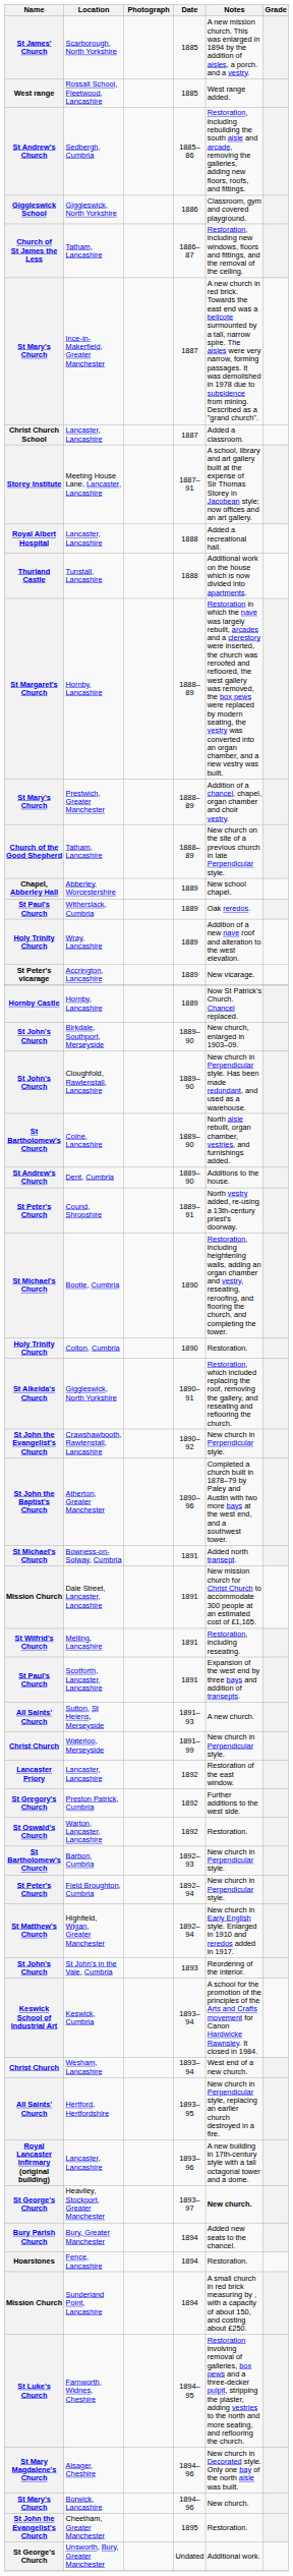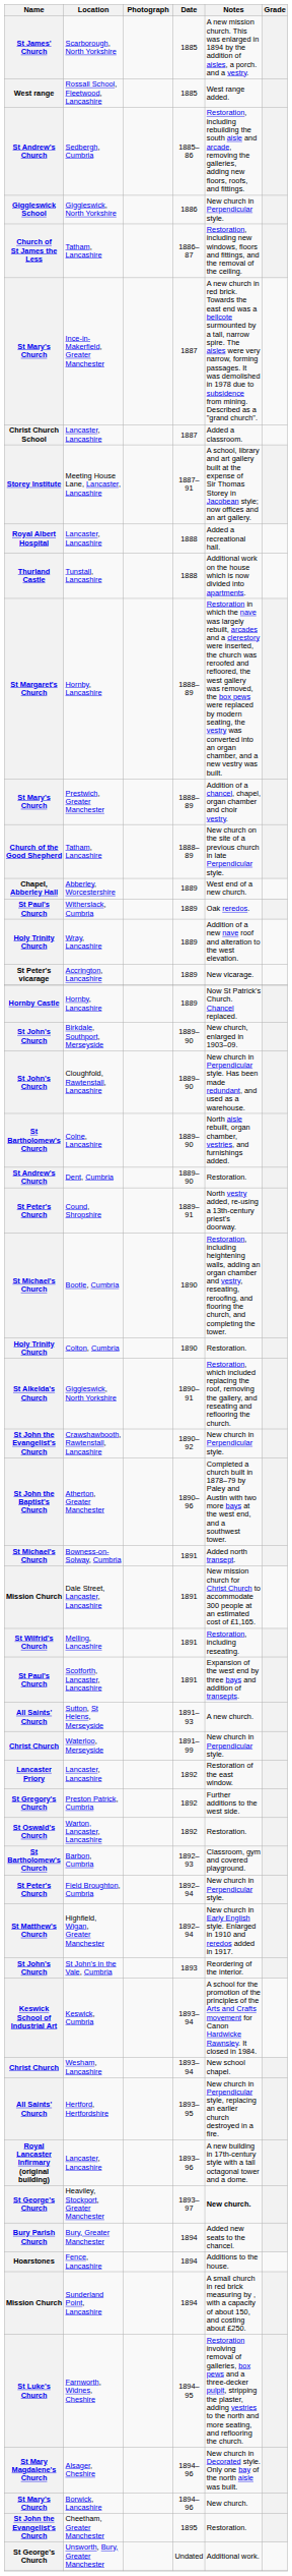 <table class="wikitable sortable plainrowheaders">
 <tr>
 <th scope="col" style="width:120px">Name</th>
 <th scope="col" style="width:120px">Location</th>
 <th scope="col" style="width:100px" class="unsortable">Photograph</th>
 <th scope="col" style="width:50px">Date</th>
 <th scope="col" class="unsortable">Notes</th>
 <th scope="col" style="width:24px">Grade</th>
 </tr>
 <tr>
 <th scope="row"><a href='#'>St James' Church</a></th>
 <td><a href='#'>Scarborough</a>,<br><a href='#'>North Yorkshire</a><br><small></small></td>
 <td></td>
 <td align="center">1885</td>
 <td>A new mission church.  This was enlarged in 1894 by the addition of <a href='#'>aisles</a>, a porch. and a <a href='#'>vestry</a>.</td>
 <th></th>
 </tr>
 <tr>
 <th scope="row">West range</th>
 <td><a href='#'>Rossall School</a>, <a href='#'>Fleetwood</a>, <a href='#'>Lancashire</a><br><small></small></td>
 <td></td>
 <td align="center">1885</td>
 <td>West range added.</td>
 <th></th>
 </tr>
 <tr>
 <th scope="row"><a href='#'>St Andrew's Church</a></th>
 <td><a href='#'>Sedbergh</a>, <a href='#'>Cumbria</a><br><small></small></td>
 <td></td>
 <td align="center">1885–86</td>
 <td><a href='#'>Restoration</a>, including rebuilding the south <a href='#'>aisle</a> and <a href='#'>arcade</a>, removing the galleries, adding new floors, roofs, and fittings.</td>
 <th></th>
 </tr>
 <tr>
 <th scope="row"><a href='#'>Giggleswick School</a></th>
 <td><a href='#'>Giggleswick</a>, <a href='#'>North Yorkshire</a><br><small></small></td>
 <td></td>
 <td align="center">1886</td>
-<td>Classroom, gym and covered playground.</td>
+<td>New church in <a href='#'>Perpendicular</a> style.</td>
 <th></th>
 </tr>
 <tr>
 <th scope="row"><a href='#'>Church of St James the Less</a></th>
 <td><a href='#'>Tatham</a>, <a href='#'>Lancashire</a><br><small></small></td>
 <td></td>
 <td align="center">1886–87</td>
 <td><a href='#'>Restoration</a>, including new windows, floors and fittings, and the removal of the ceiling.</td>
 <th></th>
 </tr>
 <tr>
 <th scope="row"><a href='#'>St Mary's Church</a></th>
 <td><a href='#'>Ince-in-Makerfield</a>, <a href='#'>Greater Manchester</a></td>
 <td></td>
 <td align="center">1887</td>
 <td>A new church in red brick.  Towards the east end was a <a href='#'>bellcote</a> surmounted by a tall, narrow spire.  The <a href='#'>aisles</a> were very narrow, forming passages.  It was demolished in 1978 due to <a href='#'>subsidence</a> from mining.  Described as a "grand church".</td>
 <td></td>
 </tr>
 <tr>
 <th scope="row">Christ Church School</th>
 <td><a href='#'>Lancaster</a>, <a href='#'>Lancashire</a></td>
 <td></td>
 <td align="center">1887</td>
 <td>Added a classroom.</td>
 <td></td>
 </tr>
 <tr>
 <th scope="row"><a href='#'>Storey Institute</a></th>
 <td>Meeting House Lane, <a href='#'>Lancaster</a>, <a href='#'>Lancashire</a><br><small></small></td>
 <td></td>
 <td align="center">1887–91</td>
 <td>A school, library and art gallery built at the expense of Sir Thomas Storey in <a href='#'>Jacobean</a> style; now offices and an art gallery.</td>
 <th></th>
 </tr>
 <tr>
 <th scope="row"><a href='#'>Royal Albert Hospital</a></th>
 <td><a href='#'>Lancaster</a>, <a href='#'>Lancashire</a><br><small></small></td>
 <td></td>
 <td align="center">1888</td>
 <td>Added a recreational hall.</td>
 <td></td>
 </tr>
 <tr>
 <th scope="row"><a href='#'>Thurland Castle</a></th>
 <td><a href='#'>Tunstall</a>, <a href='#'>Lancashire</a><br><small></small></td>
 <td></td>
 <td align="center">1888</td>
 <td>Additional work on the house which is now divided into <a href='#'>apartments</a>.</td>
 <td></td>
 </tr>
 <tr>
 <th scope="row"><a href='#'>St Margaret's Church</a></th>
 <td><a href='#'>Hornby</a>, <a href='#'>Lancashire</a><br><small></small></td>
 <td></td>
 <td align="center">1888–89</td>
 <td><a href='#'>Restoration</a> in which the <a href='#'>nave</a> was largely rebuilt, <a href='#'>arcades</a> and a <a href='#'>clerestory</a> were inserted, the church was reroofed and refloored, the west gallery was removed, the <a href='#'>box pews</a> were replaced by modern seating, the <a href='#'>vestry</a> was converted into an organ chamber, and a new vestry was built.</td>
 <th></th>
 </tr>
 <tr>
 <th scope="row"><a href='#'>St Mary's Church</a></th>
 <td><a href='#'>Prestwich</a>,<br><a href='#'>Greater Manchester</a><br><small></small></td>
 <td></td>
 <td align="center">1888–89</td>
 <td>Addition of a <a href='#'>chancel</a>, chapel, organ chamber and choir <a href='#'>vestry</a>.</td>
 <th></th>
 </tr>
 <tr>
 <th scope="row"><a href='#'>Church of the Good Shepherd</a></th>
 <td><a href='#'>Tatham</a>, <a href='#'>Lancashire</a><br><small></small></td>
 <td></td>
 <td align="center">1888–89</td>
 <td>New church on the site of a previous church in late <a href='#'>Perpendicular</a> style.</td>
 <th></th>
 </tr>
 <tr>
 <th scope="row">Chapel, <a href='#'>Abberley Hall</a></th>
 <td><a href='#'>Abberley</a>, <a href='#'>Worcestershire</a><br><small></small></td>
 <td></td>
 <td align="center">1889</td>
-<td>New school chapel.</td>
+<td>West end of a new church.</td>
 <td></td>
 </tr>
 <tr>
 <th scope="row"><a href='#'>St Paul's Church</a></th>
 <td><a href='#'>Witherslack</a>, <a href='#'>Cumbria</a><br><small></small></td>
 <td></td>
 <td align="center">1889</td>
 <td>Oak <a href='#'>reredos</a>.</td>
 <th></th>
 </tr>
 <tr>
 <th scope="row"><a href='#'>Holy Trinity Church</a></th>
 <td><a href='#'>Wray</a>, <a href='#'>Lancashire</a><br><small></small></td>
 <td></td>
 <td align="center">1889</td>
 <td>Addition of a new <a href='#'>nave</a> roof and alteration to the west elevation.</td>
 <td></td>
 </tr>
 <tr>
 <th scope="row">St Peter's vicarage</th>
 <td><a href='#'>Accrington</a>, <a href='#'>Lancashire</a><br><small></small></td>
 <td></td>
 <td align="center">1889</td>
 <td>New vicarage.</td>
 <td></td>
 </tr>
 <tr>
 </tr>
 <tr>
 <th scope="row"><a href='#'>Hornby Castle</a></th>
 <td><a href='#'>Hornby</a>, <a href='#'>Lancashire</a><br><small></small></td>
 <td></td>
 <td align="center">1889</td>
 <td>Now St Patrick's Church. <a href='#'>Chancel</a> replaced.</td>
 <th></th>
 </tr>
 <tr>
 <th scope="row"><a href='#'>St John's Church</a></th>
 <td><a href='#'>Birkdale</a>, <a href='#'>Southport</a>, <a href='#'>Merseyside</a><br><small></small></td>
 <td></td>
 <td align="center">1889–90</td>
 <td>New church, enlarged in 1903–09. </td>
 <th></th>
 </tr>
 <tr>
 <th scope="row"><a href='#'>St John's Church</a></th>
 <td>Cloughfold, <a href='#'>Rawtenstall</a>, <a href='#'>Lancashire</a><br><small></small></td>
 <td></td>
 <td align="center">1889–90</td>
 <td>New church in <a href='#'>Perpendicular</a> style.  Has been made <a href='#'>redundant</a>, and used as a warehouse.</td>
 <th></th>
 </tr>
 <tr>
 <th scope="row"><a href='#'>St Bartholomew's Church</a></th>
 <td><a href='#'>Colne</a>, <a href='#'>Lancashire</a><br><small></small></td>
 <td></td>
 <td align="center">1889–90</td>
 <td>North <a href='#'>aisle</a> rebuilt, organ chamber, <a href='#'>vestries</a>, and furnishings added.</td>
 <th></th>
 </tr>
 <tr>
 <th scope="row"><a href='#'>St Andrew's Church</a></th>
 <td><a href='#'>Dent</a>, <a href='#'>Cumbria</a><br><small></small></td>
 <td></td>
 <td align="center">1889–90</td>
-<td>Additions to the house.</td>
+<td>Restoration.</td>
 <th></th>
 </tr>
 <tr>
 <th scope="row"><a href='#'>St Peter's Church</a></th>
 <td><a href='#'>Cound</a>, <a href='#'>Shropshire</a><br><small></small></td>
 <td></td>
 <td align="center">1889–91</td>
 <td>North <a href='#'>vestry</a> added, re-using a 13th-century priest's doorway.</td>
 <th></th>
 </tr>
 <tr>
 <th scope="row"><a href='#'>St Michael's Church</a></th>
 <td><a href='#'>Bootle</a>, <a href='#'>Cumbria</a><br><small></small></td>
 <td></td>
 <td align="center">1890</td>
 <td><a href='#'>Restoration</a>, including heightening walls, adding an organ chamber and <a href='#'>vestry</a>, reseating, reroofing, and flooring the church, and completing the tower.</td>
 <th></th>
 </tr>
 <tr>
 <th scope="row"><a href='#'>Holy Trinity Church</a></th>
 <td><a href='#'>Colton</a>, <a href='#'>Cumbria</a><br><small></small></td>
 <td></td>
 <td align="center">1890</td>
 <td>Restoration.</td>
 <th></th>
 </tr>
 <tr>
 <th scope="row"><a href='#'>St Alkelda's Church</a></th>
 <td><a href='#'>Giggleswick</a>,<br><a href='#'>North Yorkshire</a><br><small></small></td>
 <td></td>
 <td align="center">1890–91</td>
 <td><a href='#'>Restoration</a>, which included replacing the roof, removing the gallery, and reseating and reflooring the church.</td>
 <th></th>
 </tr>
 <tr>
 <th scope="row"><a href='#'>St John the Evangelist's Church</a></th>
 <td><a href='#'>Crawshawbooth</a>, <a href='#'>Rawtenstall</a>, <a href='#'>Lancashire</a><br><small></small></td>
 <td></td>
 <td align="center">1890–92</td>
 <td>New church in <a href='#'>Perpendicular</a> style.</td>
 <th></th>
 </tr>
 <tr>
 <th scope="row"><a href='#'>St John the Baptist's Church</a></th>
 <td><a href='#'>Atherton</a>,<br><a href='#'>Greater Manchester</a><br><small></small></td>
 <td></td>
 <td align="center">1890–96</td>
 <td>Completed a church built in 1878–79 by Paley and Austin with two more <a href='#'>bays</a> at the west end, and a southwest tower.</td>
 <th></th>
 </tr>
 <tr>
 <th scope="row"><a href='#'>St Michael's Church</a></th>
 <td><a href='#'>Bowness-on-Solway</a>, <a href='#'>Cumbria</a><br><small></small></td>
 <td></td>
 <td align="center">1891</td>
 <td>Added north <a href='#'>transept</a>.</td>
 <th></th>
 </tr>
 <tr>
 <th scope="row">Mission Church</th>
 <td>Dale Street, <a href='#'>Lancaster</a>, <a href='#'>Lancashire</a></td>
 <td></td>
 <td align="center">1891</td>
 <td>New mission church for <a href='#'>Christ Church</a> to accommodate 300 people at an estimated cost of £1,165.</td>
 <td></td>
 </tr>
 <tr>
 <th scope="row"><a href='#'>St Wilfrid's Church</a></th>
 <td><a href='#'>Melling</a>, <a href='#'>Lancashire</a><br><small></small></td>
 <td></td>
 <td align="center">1891</td>
 <td><a href='#'>Restoration</a>, including reseating.</td>
 <th></th>
 </tr>
 <tr>
 <th scope="row"><a href='#'>St Paul's Church</a></th>
 <td><a href='#'>Scotforth</a>, <a href='#'>Lancaster</a>, <a href='#'>Lancashire</a><br><small></small></td>
 <td></td>
 <td align="center">1891</td>
 <td>Expansion of the west end by three <a href='#'>bays</a> and addition of <a href='#'>transepts</a>.</td>
 <th></th>
 </tr>
 <tr>
 <th scope="row"><a href='#'>All Saints' Church</a></th>
 <td><a href='#'>Sutton</a>, <a href='#'>St Helens</a>, <a href='#'>Merseyside</a><br><small></small></td>
 <td></td>
 <td align="center">1891–93</td>
 <td>A new church.</td>
 <th></th>
 </tr>
 <tr>
 <th scope="row"><a href='#'>Christ Church</a></th>
 <td><a href='#'>Waterloo</a>, <a href='#'>Merseyside</a><br><small></small></td>
 <td></td>
 <td align="center">1891–99</td>
 <td>New church in <a href='#'>Perpendicular</a> style.</td>
 <th></th>
 </tr>
 <tr>
 <th scope="row"><a href='#'>Lancaster Priory</a></th>
 <td><a href='#'>Lancaster</a>, <a href='#'>Lancashire</a><br><small></small></td>
 <td></td>
 <td align="center">1892</td>
 <td>Restoration of the east window.</td>
 <th></th>
 </tr>
 <tr>
 <th scope="row"><a href='#'>St Gregory's Church</a></th>
 <td><a href='#'>Preston Patrick</a>, <a href='#'>Cumbria</a><br><small></small></td>
 <td></td>
 <td align="center">1892</td>
 <td>Further additions to the west side.</td>
 <th></th>
 </tr>
 <tr>
 <th scope="row"><a href='#'>St Oswald's Church</a></th>
 <td><a href='#'>Warton, Lancaster</a>, <a href='#'>Lancashire</a><br><small></small></td>
 <td></td>
 <td align="center">1892</td>
 <td>Restoration.</td>
 <th></th>
 </tr>
 <tr>
 <th scope="row"><a href='#'>St Bartholomew's Church</a></th>
 <td><a href='#'>Barbon</a>, <a href='#'>Cumbria</a><br><small></small></td>
 <td></td>
 <td align="center">1892–93</td>
-<td>New church in <a href='#'>Perpendicular</a> style.</td>
+<td>Classroom, gym and covered playground.</td>
 <th></th>
 </tr>
 <tr>
 <th scope="row"><a href='#'>St Peter's Church</a></th>
 <td><a href='#'>Field Broughton</a>, <a href='#'>Cumbria</a><br><small></small></td>
 <td></td>
 <td align="center">1892–94</td>
 <td>New church in <a href='#'>Perpendicular</a> style.</td>
 <th></th>
 </tr>
 <tr>
 <th scope="row"><a href='#'>St Matthew's Church</a></th>
 <td>Highfield, <a href='#'>Wigan</a>,<br><a href='#'>Greater Manchester</a><br><small></small></td>
 <td></td>
 <td align="center">1892–94</td>
 <td>New church in <a href='#'>Early English</a> style.  Enlarged in 1910 and <a href='#'>reredos</a> added in 1917.</td>
 <th></th>
 </tr>
 <tr>
 <th scope="row"><a href='#'>St John's Church</a></th>
 <td><a href='#'>St John's in the Vale</a>, <a href='#'>Cumbria</a><br><small></small></td>
 <td></td>
 <td align="center">1893</td>
 <td>Reordering of the interior.</td>
 <th></th>
 </tr>
 <tr>
 <th scope="row"><a href='#'>Keswick School of Industrial Art</a></th>
 <td><a href='#'>Keswick</a>, <a href='#'>Cumbria</a></td>
 <td></td>
 <td align="center">1893–94</td>
 <td>A school for the promotion of the principles of the <a href='#'>Arts and Crafts movement</a> for Canon <a href='#'>Hardwicke Rawnsley</a>.  It closed in 1984.</td>
 <td></td>
 </tr>
 <tr>
 <th scope="row"><a href='#'>Christ Church</a></th>
 <td><a href='#'>Wesham</a>, <a href='#'>Lancashire</a><br><small></small></td>
 <td></td>
 <td align="center">1893–94</td>
-<td>West end of a new church.</td>
+<td>New school chapel.</td>
 <th></th>
 </tr>
 <tr>
 <th scope="row"><a href='#'>All Saints' Church</a></th>
 <td><a href='#'>Hertford</a>, <a href='#'>Hertfordshire</a><br><small></small></td>
 <td></td>
 <td align="center">1893–95</td>
 <td>New church in <a href='#'>Perpendicular</a> style, replacing an earlier church destroyed in a fire.</td>
 <th></th>
 </tr>
 <tr>
 <th scope="row"><a href='#'>Royal Lancaster Infirmary</a><br>(original building)</th>
 <td><a href='#'>Lancaster</a>, <a href='#'>Lancashire</a><br><small></small></td>
 <td></td>
 <td align="center">1893–96</td>
 <td>A new building in 17th-century style with a tall octagonal tower and a dome.</td>
 <th></th>
 </tr>
 <tr>
 <th scope="row"><a href='#'>St George's Church</a></th>
 <td>Heaviley, <a href='#'>Stockport</a>, <a href='#'>Greater Manchester</a><br><small></small></td>
 <td></td>
 <td align="center">1893–97</td>
 <td><strong>New church.</strong></td>
 <th></th>
 </tr>
 <tr>
 <th scope="row"><a href='#'>Bury Parish Church</a></th>
 <td><a href='#'>Bury, Greater Manchester</a><br><small></small></td>
 <td></td>
 <td align="center">1894</td>
 <td>Added new seats to the chancel.</td>
 <th></th>
 </tr>
 <tr>
 <th scope="row">Hoarstones</th>
 <td><a href='#'>Fence</a>, <a href='#'>Lancashire</a></td>
 <td></td>
 <td align="center">1894</td>
-<td>Restoration.</td>
+<td>Additions to the house.</td>
 <td></td>
 </tr>
 <tr>
 <th scope="row">Mission Church</th>
 <td><a href='#'>Sunderland Point</a>, <a href='#'>Lancashire</a><br><small></small></td>
 <td></td>
 <td align="center">1894</td>
 <td>A small church in red brick measuring  by , with a capacity of about 150, and costing about £250.</td>
 <th></th>
 </tr>
 <tr>
 <th scope="row"><a href='#'>St Luke's Church</a></th>
 <td><a href='#'>Farnworth</a>, <a href='#'>Widnes</a>, <a href='#'>Cheshire</a><br><small></small></td>
 <td></td>
 <td align="center">1894–95</td>
 <td><a href='#'>Restoration</a> involving removal of galleries, <a href='#'>box pews</a> and a three-decker <a href='#'>pulpit</a>, stripping the plaster, adding <a href='#'>vestries</a> to the north and more seating, and reflooring the church.</td>
 <th></th>
 </tr>
 <tr>
 <th scope="row"><a href='#'>St Mary Magdalene's Church</a></th>
 <td><a href='#'>Alsager</a>, <a href='#'>Cheshire</a><br><small></small></td>
 <td></td>
 <td align="center">1894–96</td>
 <td>New church in <a href='#'>Decorated</a> style.  Only one <a href='#'>bay</a> of the north <a href='#'>aisle</a> was built.</td>
 <th></th>
 </tr>
 <tr>
 <th scope="row"><a href='#'>St Mary's Church</a></th>
 <td><a href='#'>Borwick</a>, <a href='#'>Lancashire</a><br><small></small></td>
 <td></td>
 <td align="center">1894–96</td>
 <td>New church.</td>
 <th></th>
 </tr>
 <tr>
 <th scope="row"><a href='#'>St John the Evangelist's Church</a></th>
 <td>Cheetham, <a href='#'>Greater Manchester</a><br><small></small></td>
 <td></td>
 <td align="center">1895</td>
 <td>Restoration.</td>
 <th></th>
 </tr>
 <tr>
 <th scope="row">St George's Church</th>
 <td><a href='#'>Unsworth</a>, <a href='#'>Bury, Greater Manchester</a><br><small></small></td>
 <td></td>
 <td align="center">Undated</td>
 <td>Additional work.</td>
 <td></td>
 </tr>
 <tr>
 </tr>
 </table>
